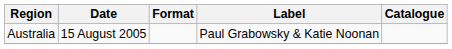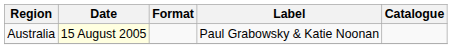 <table class="wikitable plainrowheaders">
 <tr>
 <th scope="col">Region</th>
 <th scope="col">Date</th>
 <th scope="col">Format</th>
 <th scope="col">Label</th>
 <th scope="col">Catalogue</th>
 </tr>
 <tr>
 <td>Australia</td>
-<td>15 August 2005</td>
+<td style="background: lightyellow;">15 August 2005</td>
 <td></td>
 <td>Paul Grabowsky & Katie Noonan</td>
 <td></td>
 </tr>
 <tr>
 </tr>
 </table>
